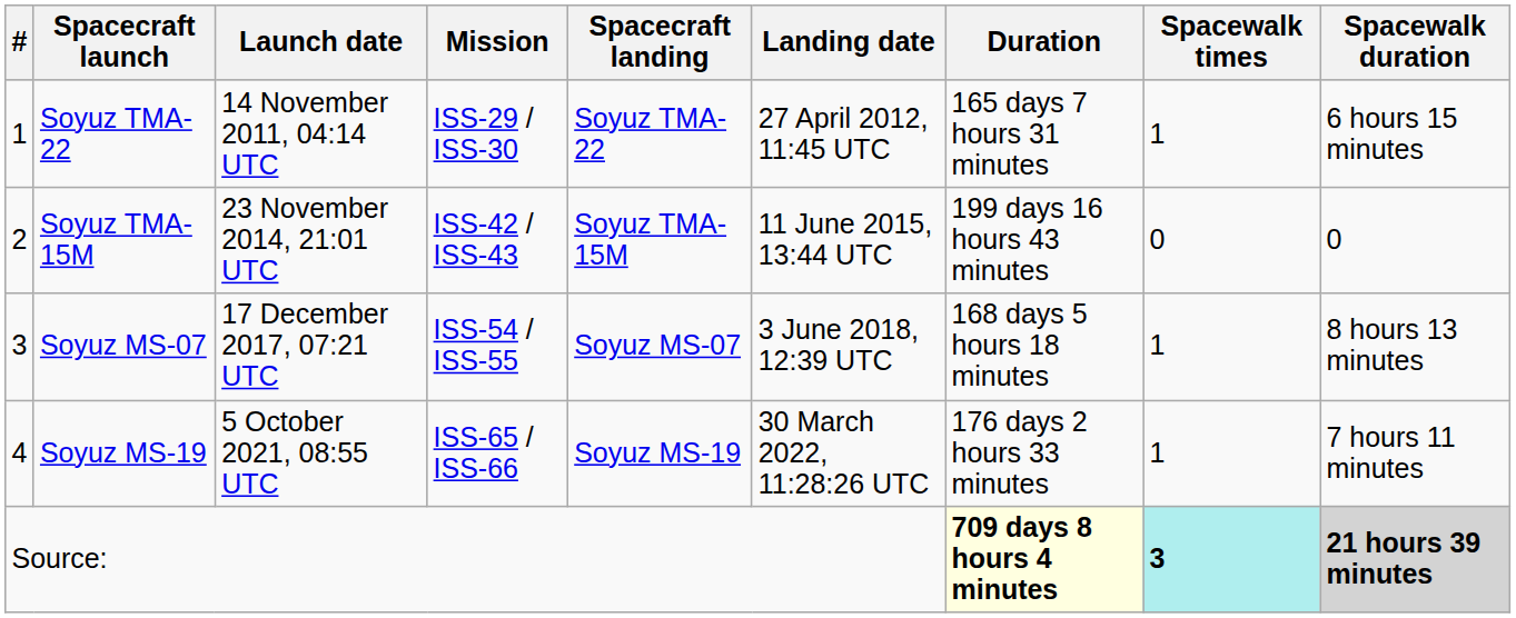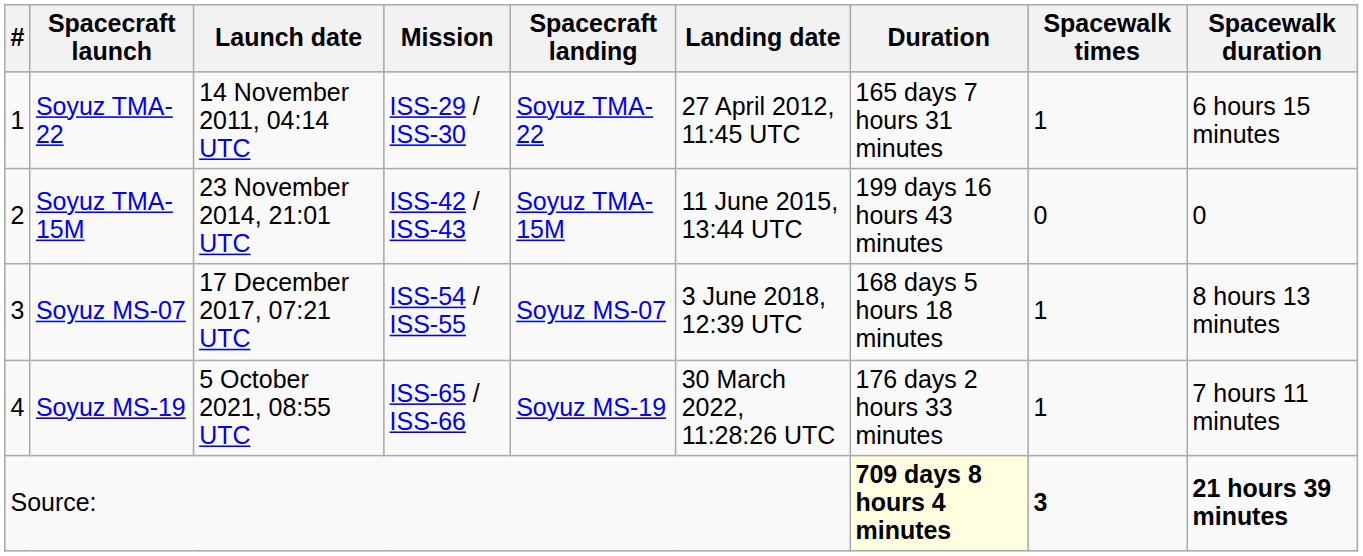 <table class="wikitable">
 <tr>
 <th>#</th>
 <th>Spacecraft launch</th>
 <th>Launch date</th>
 <th>Mission</th>
 <th>Spacecraft landing</th>
 <th>Landing date</th>
 <th>Duration</th>
 <th>Spacewalk times</th>
 <th>Spacewalk duration</th>
 </tr>
 <tr>
 <td>1</td>
 <td><a href='#'>Soyuz TMA-22</a></td>
 <td>14 November 2011, 04:14 <a href='#'>UTC</a></td>
 <td><a href='#'>ISS-29</a> / <a href='#'>ISS-30</a></td>
 <td><a href='#'>Soyuz TMA-22</a></td>
 <td>27 April 2012, 11:45 UTC</td>
 <td>165 days 7 hours 31 minutes</td>
 <td>1</td>
 <td>6 hours 15 minutes</td>
 </tr>
 <tr>
 <td>2</td>
 <td><a href='#'>Soyuz TMA-15M</a></td>
 <td>23 November 2014, 21:01 <a href='#'>UTC</a></td>
 <td><a href='#'>ISS-42</a> / <a href='#'>ISS-43</a></td>
 <td><a href='#'>Soyuz TMA-15M</a></td>
 <td>11 June 2015, 13:44 UTC</td>
 <td>199 days 16 hours 43 minutes</td>
 <td>0</td>
 <td>0</td>
 </tr>
 <tr>
 <td>3</td>
 <td><a href='#'>Soyuz MS-07</a></td>
 <td>17 December 2017, 07:21 <a href='#'>UTC</a></td>
 <td><a href='#'>ISS-54</a> / <a href='#'>ISS-55</a></td>
 <td><a href='#'>Soyuz MS-07</a></td>
 <td>3 June 2018, 12:39 UTC</td>
 <td>168 days 5 hours 18 minutes</td>
 <td>1</td>
 <td>8 hours 13 minutes</td>
 </tr>
 <tr>
 <td>4</td>
 <td><a href='#'>Soyuz MS-19</a></td>
 <td>5 October 2021, 08:55 <a href='#'>UTC</a></td>
 <td><a href='#'>ISS-65</a> / <a href='#'>ISS-66</a></td>
 <td><a href='#'>Soyuz MS-19</a></td>
 <td>30 March 2022, 11:28:26 UTC</td>
 <td>176 days 2 hours 33 minutes</td>
 <td>1</td>
 <td>7 hours 11 minutes</td>
 </tr>
 <tr>
 <td colspan=6>Source:</td>
 <td style="background: lightyellow;"><strong>709 days 8 hours 4 minutes </strong></td>
-<td style="background: paleturquoise;"><strong>3</strong></td>
-<td style="background: lightgrey;"><strong>21 hours 39 minutes </strong></td>
+<td><strong>3</strong></td>
+<td><strong>21 hours 39 minutes </strong></td>
 </tr>
 </table>
